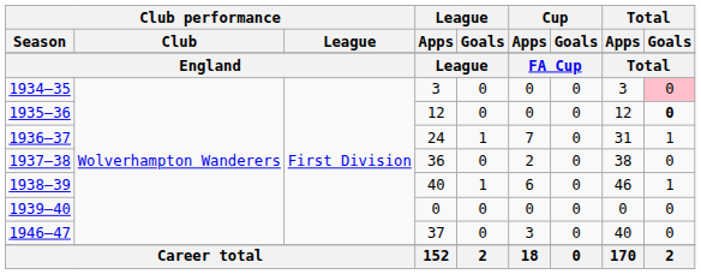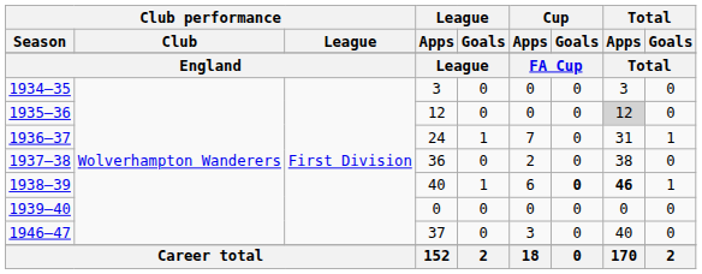 <table class="wikitable" style="text-align:center">
 <tr>
 <th colspan=3>Club performance</th>
 <th colspan=2>League</th>
 <th colspan=2>Cup</th>
 <th colspan=2>Total</th>
 </tr>
 <tr>
 <th>Season</th>
 <th>Club</th>
 <th>League</th>
 <th>Apps</th>
 <th>Goals</th>
 <th>Apps</th>
 <th>Goals</th>
 <th>Apps</th>
 <th>Goals</th>
 </tr>
 <tr>
 </tr>
 <tr>
 <th colspan=3>England</th>
 <th colspan=2>League</th>
 <th colspan=2><a href='#'>FA Cup</a></th>
 <th colspan=2>Total</th>
 </tr>
 <tr>
 <td><a href='#'>1934–35</a></td>
 <td rowspan="7"><a href='#'>Wolverhampton Wanderers</a></td>
 <td rowspan="7"><a href='#'>First Division</a></td>
 <td>3</td>
 <td>0</td>
 <td>0</td>
 <td>0</td>
 <td>3</td>
-<td style="background: pink;">0</td>
+<td>0</td>
 </tr>
 <tr>
 <td><a href='#'>1935–36</a></td>
 <td>12</td>
 <td>0</td>
 <td>0</td>
 <td>0</td>
-<td>12</td>
-<td><strong>0</strong></td>
+<td style="background: lightgrey;">12</td>
+<td>0</td>
 </tr>
 <tr>
 <td><a href='#'>1936–37</a></td>
 <td>24</td>
 <td>1</td>
 <td>7</td>
 <td>0</td>
 <td>31</td>
 <td>1</td>
 </tr>
 <tr>
 <td><a href='#'>1937–38</a></td>
 <td>36</td>
 <td>0</td>
 <td>2</td>
 <td>0</td>
 <td>38</td>
 <td>0</td>
 </tr>
 <tr>
 <td><a href='#'>1938–39</a></td>
 <td>40</td>
 <td>1</td>
 <td>6</td>
-<td>0</td>
-<td>46</td>
+<td><strong>0</strong></td>
+<td><strong>46</strong></td>
 <td>1</td>
 </tr>
 <tr>
 <td><a href='#'>1939–40</a></td>
 <td>0</td>
 <td>0</td>
 <td>0</td>
 <td>0</td>
 <td>0</td>
 <td>0</td>
 </tr>
 <tr>
 <td><a href='#'>1946–47</a></td>
 <td>37</td>
 <td>0</td>
 <td>3</td>
 <td>0</td>
 <td>40</td>
 <td>0</td>
 </tr>
 <tr>
 </tr>
 <tr>
 <th colspan=3>Career total</th>
 <th>152</th>
 <th>2</th>
 <th>18</th>
 <th>0</th>
 <th>170</th>
 <th>2</th>
 </tr>
 </table>
